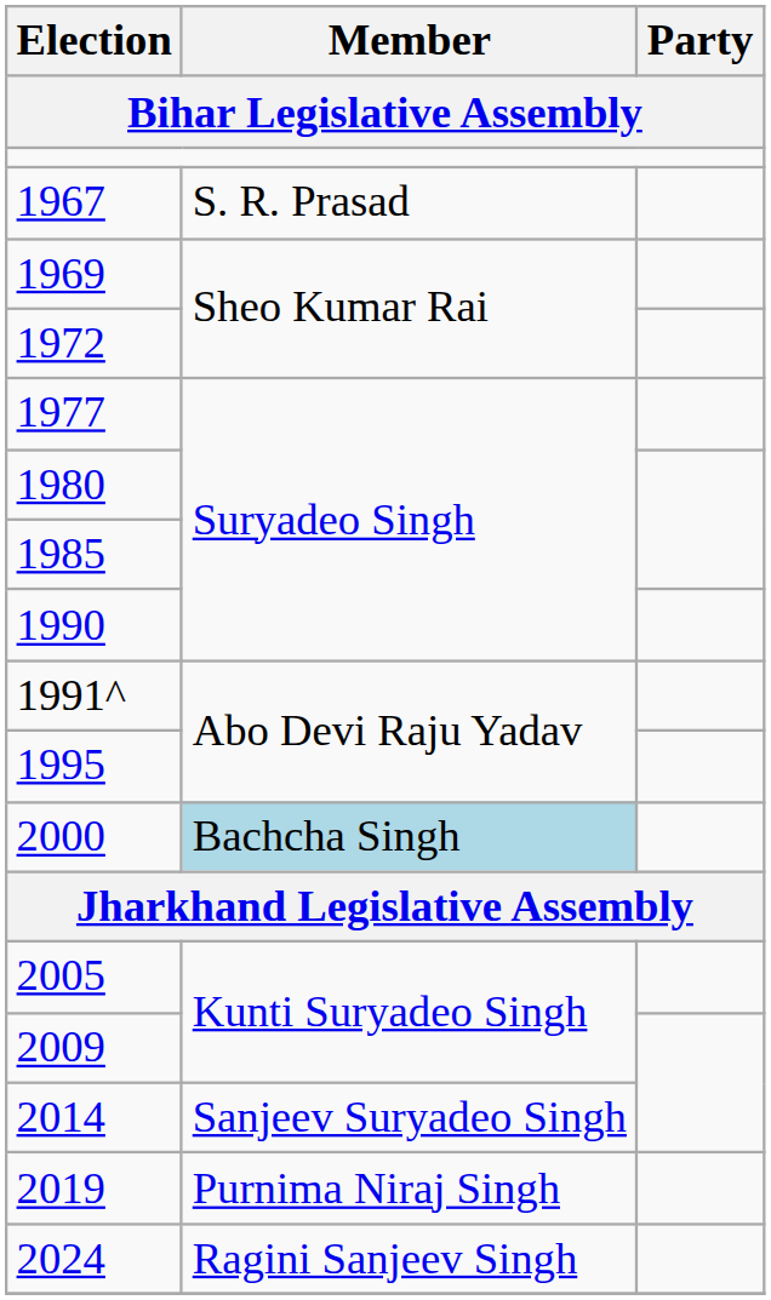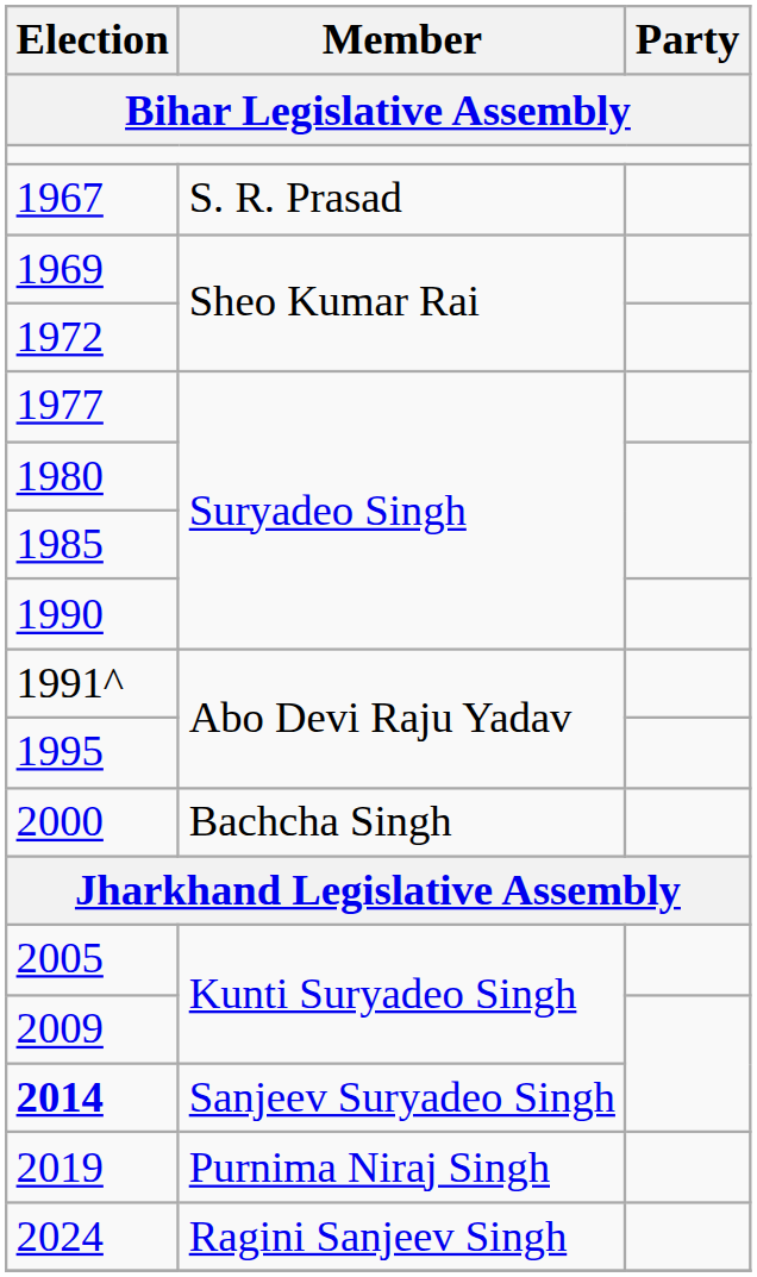 <table class="wikitable sortable">
 <tr>
 <th>Election</th>
 <th>Member</th>
 <th colspan=2>Party</th>
 </tr>
 <tr>
 <th colspan=4><a href='#'>Bihar Legislative Assembly</a></th>
 </tr>
 <tr>
 <td colspan="4"></td>
 </tr>
 <tr>
 <td><a href='#'>1967</a></td>
 <td>S. R. Prasad</td>
 <td></td>
 </tr>
 <tr>
 <td><a href='#'>1969</a></td>
 <td rowspan=2>Sheo Kumar Rai</td>
 <td></td>
 </tr>
 <tr>
 <td><a href='#'>1972</a></td>
 <td></td>
 </tr>
 <tr>
 <td><a href='#'>1977</a></td>
 <td rowspan=4><a href='#'>Suryadeo Singh</a></td>
 <td></td>
 </tr>
 <tr>
 <td><a href='#'>1980</a></td>
 </tr>
 <tr>
 <td><a href='#'>1985</a></td>
 </tr>
 <tr>
 <td><a href='#'>1990</a></td>
 <td></td>
 </tr>
 <tr>
 <td>1991^</td>
 <td rowspan=2>Abo Devi Raju Yadav</td>
 <td></td>
 </tr>
 <tr>
 <td><a href='#'>1995</a></td>
 </tr>
 <tr>
 <td><a href='#'>2000</a></td>
-<td style="background: lightblue;">Bachcha Singh</td>
+<td>Bachcha Singh</td>
 <td></td>
 </tr>
 <tr>
 <th colspan=4><a href='#'>Jharkhand Legislative Assembly</a></th>
 </tr>
 <tr>
 <td><a href='#'>2005</a></td>
 <td rowspan=2><a href='#'>Kunti Suryadeo Singh</a></td>
 <td></td>
 </tr>
 <tr>
 <td><a href='#'>2009</a></td>
 </tr>
 <tr>
-<td><a href='#'>2014</a></td>
+<td><strong><a href='#'>2014</a></strong></td>
 <td><a href='#'>Sanjeev Suryadeo Singh</a></td>
 </tr>
 <tr>
 <td><a href='#'>2019</a></td>
 <td><a href='#'>Purnima Niraj Singh</a></td>
 <td></td>
 </tr>
 <tr>
 <td><a href='#'>2024</a></td>
 <td><a href='#'>Ragini Sanjeev Singh</a></td>
 <td></td>
 </tr>
 <tr>
 </tr>
 </table>
